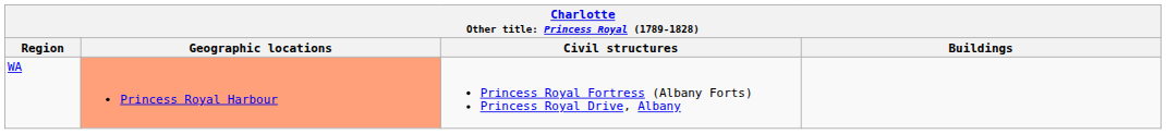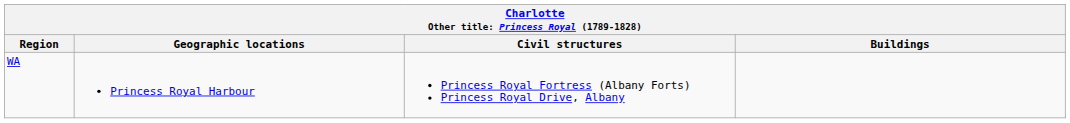 <table class="wikitable" width="100%">
 <tr>
 <th colspan="4"> <a href='#'>Charlotte</a><br><small>Other title: <em><a href='#'>Princess Royal</a></em> (1789-1828)</small></th>
 </tr>
 <tr>
 <th width="5%">Region</th>
 <th width="23.75%">Geographic locations</th>
 <th width="23.75%">Civil structures</th>
 <th width="23.75%">Buildings</th>
 </tr>
 <tr>
 <td align=left valign=top> <a href='#'>WA</a></td>
-<td style="background: lightsalmon;"><br><ul><li><a href='#'>Princess Royal Harbour</a></li></ul></td>
+<td><br><ul><li><a href='#'>Princess Royal Harbour</a></li></ul></td>
 <td><br><ul><li><a href='#'>Princess Royal Fortress</a> (Albany Forts)</li><li><a href='#'>Princess Royal Drive</a>, <a href='#'>Albany</a></li></ul></td>
 <td></td>
 </tr>
 </table>
